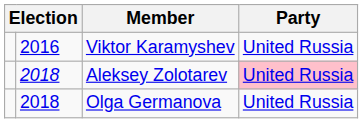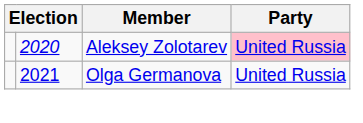 <table class="wikitable">
 <tr>
 <th colspan="2">Election</th>
 <th>Member</th>
 <th>Party</th>
 </tr>
 <tr>
 <td style="background-color: "></td>
-<td><a href='#'>2016</a></td>
-<td><a href='#'>Viktor Karamyshev</a></td>
-<td><a href='#'>United Russia</a></td>
-</tr>
-<tr>
-<td style="background-color: "></td>
-<td><em><a href='#'>2018</a></em></td>
+<td><em><a href='#'>2020</a></em></td>
 <td><a href='#'>Aleksey Zolotarev</a></td>
 <td style="background: pink;"><a href='#'>United Russia</a></td>
 </tr>
 <tr>
 <td style="background-color: "></td>
-<td><a href='#'>2018</a></td>
+<td><a href='#'>2021</a></td>
 <td><a href='#'>Olga Germanova</a></td>
 <td><a href='#'>United Russia</a></td>
 </tr>
 </table>
